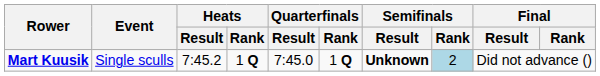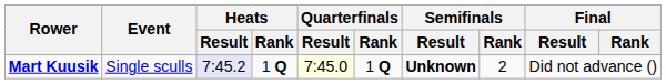 <table class=wikitable style="font-size:90%">
 <tr>
 <th rowspan=2>Rower</th>
 <th rowspan=2>Event</th>
 <th colspan=2>Heats</th>
 <th colspan=2>Quarterfinals</th>
 <th colspan=2>Semifinals</th>
 <th colspan=2>Final</th>
 </tr>
 <tr>
 <th>Result</th>
 <th>Rank</th>
 <th>Result</th>
 <th>Rank</th>
 <th>Result</th>
 <th>Rank</th>
 <th>Result</th>
 <th>Rank</th>
 </tr>
 <tr>
 <td><strong><a href='#'>Mart Kuusik</a></strong></td>
 <td><a href='#'>Single sculls</a></td>
-<td align=center>7:45.2</td>
+<td align=center style="background: lavender;">7:45.2</td>
 <td align=center>1 <strong>Q</strong></td>
-<td align=center>7:45.0</td>
+<td align=center style="background: lightyellow;">7:45.0</td>
 <td align=center>1 <strong>Q</strong></td>
 <td align=center><strong>Unknown</strong></td>
-<td align=center style="background: lightblue;">2</td>
+<td align=center>2</td>
 <td align=center colspan=2>Did not advance ()</td>
 </tr>
 </table>
